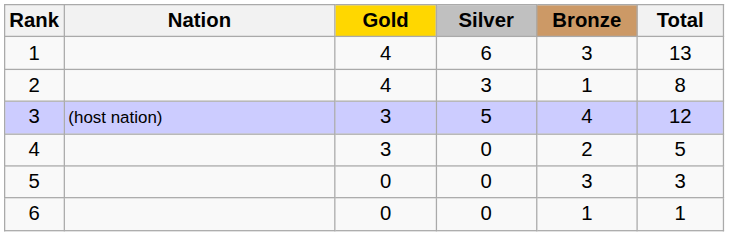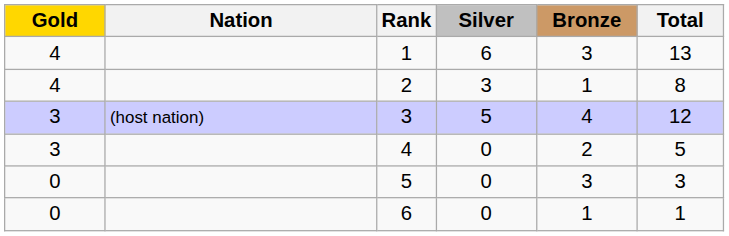 <table class="wikitable sortable plainrowheaders" style="text-align:center;max-width: 15cm; width: 100%">
 <tr>
+<th scope="col" style="background-color:gold; width:14%;">Gold</th>
+<th scope="col">Nation</th>
 <th scope="col" style="width:4%">Rank</th>
-<th scope="col">Nation</th>
-<th scope="col" style="background-color:gold; width:14%;">Gold</th>
 <th scope="col" style="background-color:silver; width:14%;">Silver</th>
 <th scope="col" style="background-color:#cc9966; width:14%;">Bronze</th>
 <th scope="col" style="width:12%;">Total</th>
 </tr>
 <tr>
+<td>4</td>
+<td align=left></td>
 <td>1</td>
-<td align=left></td>
-<td>4</td>
 <td>6</td>
 <td>3</td>
 <td>13</td>
 </tr>
 <tr>
+<td>4</td>
+<td align=left></td>
 <td>2</td>
-<td align=left></td>
-<td>4</td>
 <td>3</td>
 <td>1</td>
 <td>8</td>
 </tr>
 <tr style="background:#ccccff">
 <td>3</td>
 <td align=left> <small>(host nation)</small></td>
 <td>3</td>
 <td>5</td>
 <td>4</td>
 <td>12</td>
 </tr>
 <tr>
+<td>3</td>
+<td align=left></td>
 <td>4</td>
-<td align=left></td>
-<td>3</td>
 <td>0</td>
 <td>2</td>
 <td>5</td>
 </tr>
 <tr>
+<td>0</td>
+<td align=left></td>
 <td>5</td>
-<td align=left></td>
-<td>0</td>
 <td>0</td>
 <td>3</td>
 <td>3</td>
 </tr>
 <tr>
+<td>0</td>
+<td align=left></td>
 <td>6</td>
-<td align=left></td>
-<td>0</td>
 <td>0</td>
 <td>1</td>
 <td>1</td>
 </tr>
 </table>
